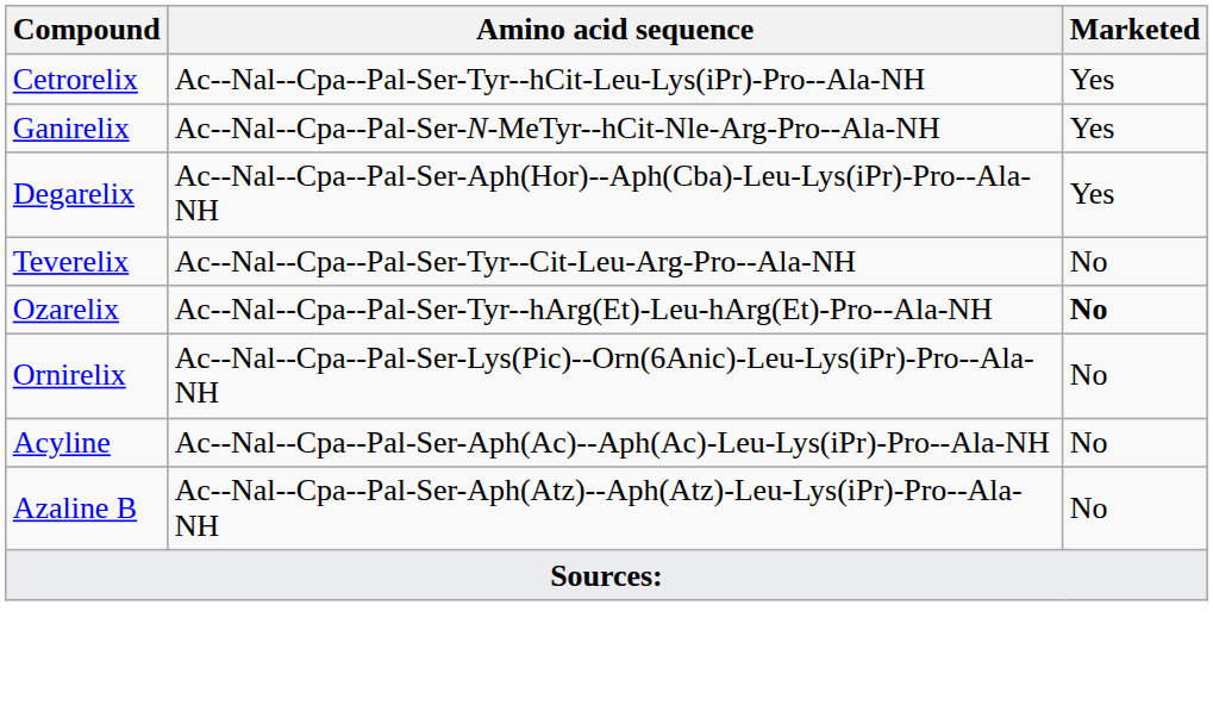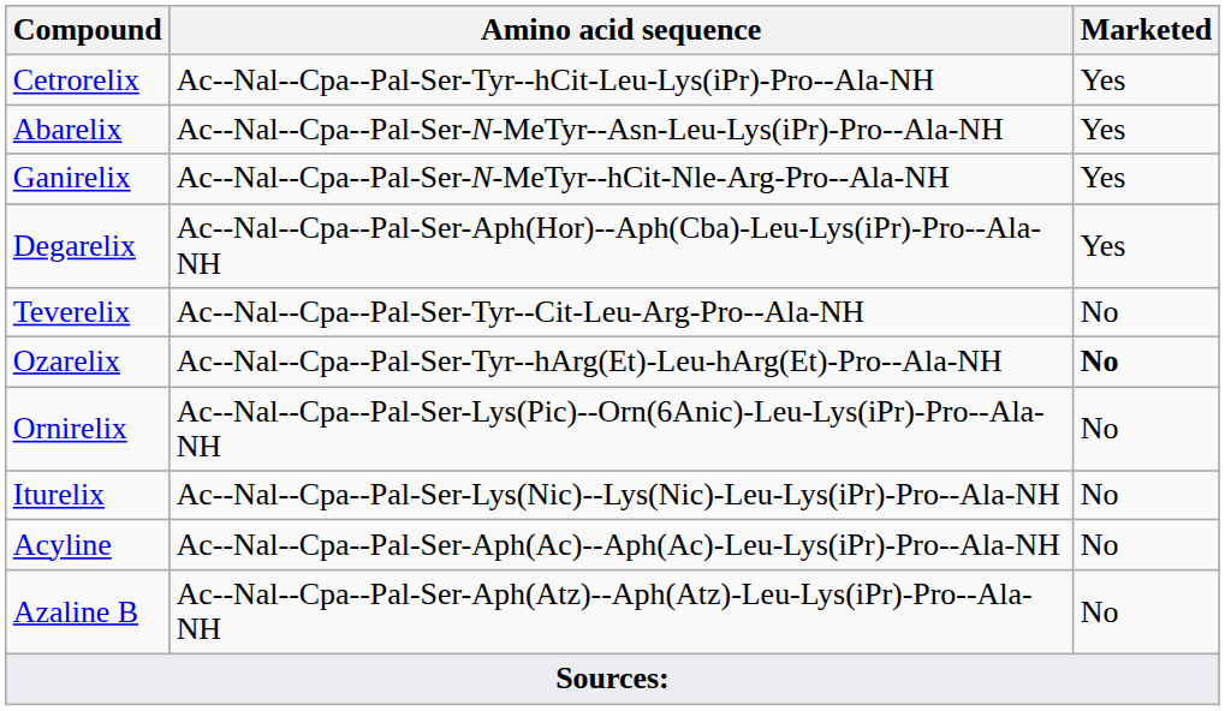 <table class="wikitable mw-collapsible mw-collapsed" style="margin-left: auto; margin-right: auto; border: none;">
 <tr>
 <th>Compound</th>
 <th>Amino acid sequence</th>
 <th>Marketed</th>
 </tr>
 <tr>
 <td><a href='#'>Cetrorelix</a></td>
 <td>Ac--Nal--Cpa--Pal-Ser-Tyr--hCit-Leu-Lys(iPr)-Pro--Ala-NH</td>
+<td>Yes</td>
+</tr>
+<tr>
+<td><a href='#'>Abarelix</a></td>
+<td>Ac--Nal--Cpa--Pal-Ser-<em>N</em>-MeTyr--Asn-Leu-Lys(iPr)-Pro--Ala-NH</td>
 <td>Yes</td>
 </tr>
 <tr>
 <td><a href='#'>Ganirelix</a></td>
 <td>Ac--Nal--Cpa--Pal-Ser-<em>N</em>-MeTyr--hCit-Nle-Arg-Pro--Ala-NH</td>
 <td>Yes</td>
 </tr>
 <tr>
 <td><a href='#'>Degarelix</a></td>
 <td>Ac--Nal--Cpa--Pal-Ser-Aph(Hor)--Aph(Cba)-Leu-Lys(iPr)-Pro--Ala-NH</td>
 <td>Yes</td>
 </tr>
 <tr>
 <td><a href='#'>Teverelix</a></td>
 <td>Ac--Nal--Cpa--Pal-Ser-Tyr--Cit-Leu-Arg-Pro--Ala-NH</td>
 <td>No</td>
 </tr>
 <tr>
 <td><a href='#'>Ozarelix</a></td>
 <td>Ac--Nal--Cpa--Pal-Ser-Tyr--hArg(Et)-Leu-hArg(Et)-Pro--Ala-NH</td>
 <td><strong>No</strong></td>
 </tr>
 <tr>
 <td><a href='#'>Ornirelix</a></td>
 <td>Ac--Nal--Cpa--Pal-Ser-Lys(Pic)--Orn(6Anic)-Leu-Lys(iPr)-Pro--Ala-NH</td>
 <td>No</td>
 </tr>
 <tr>
+<td><a href='#'>Iturelix</a></td>
+<td>Ac--Nal--Cpa--Pal-Ser-Lys(Nic)--Lys(Nic)-Leu-Lys(iPr)-Pro--Ala-NH</td>
+<td>No</td>
+</tr>
+<tr>
 <td><a href='#'>Acyline</a></td>
 <td>Ac--Nal--Cpa--Pal-Ser-Aph(Ac)--Aph(Ac)-Leu-Lys(iPr)-Pro--Ala-NH</td>
 <td>No</td>
 </tr>
 <tr>
 <td><a href='#'>Azaline B</a></td>
 <td>Ac--Nal--Cpa--Pal-Ser-Aph(Atz)--Aph(Atz)-Leu-Lys(iPr)-Pro--Ala-NH</td>
 <td>No</td>
 </tr>
 <tr class="sortbottom">
 <td colspan="3" style="width: 1px; background-color:#eaecf0; text-align: center;"><strong>Sources:</strong> </td>
 </tr>
 </table>
